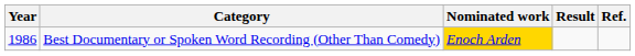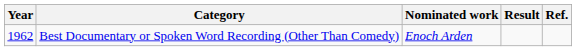 <table class="wikitable">
 <tr>
 <th>Year</th>
 <th>Category</th>
 <th>Nominated work</th>
 <th>Result</th>
 <th>Ref.</th>
 </tr>
 <tr>
-<td><a href='#'>1986</a></td>
+<td><a href='#'>1962</a></td>
 <td><a href='#'>Best Documentary or Spoken Word Recording (Other Than Comedy)</a></td>
-<td style="background: gold;"><em><a href='#'>Enoch Arden</a></em></td>
+<td><em><a href='#'>Enoch Arden</a></em></td>
 <td></td>
 <td align="center"></td>
 </tr>
 </table>
